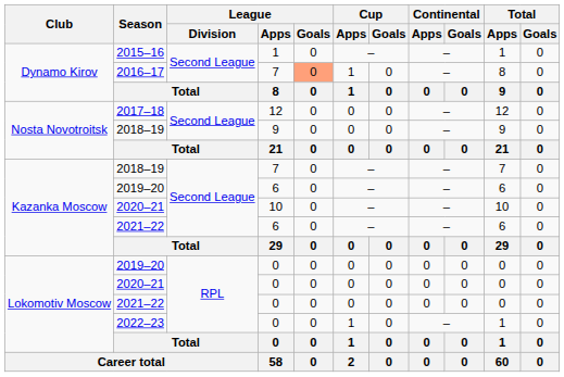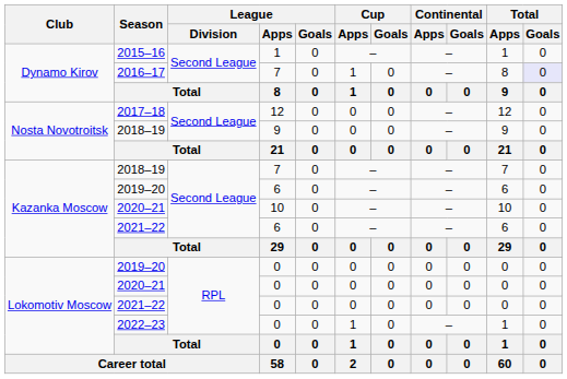 <table class="wikitable" style="text-align: center;">
 <tr>
 <th rowspan=2>Club</th>
 <th rowspan=2>Season</th>
 <th colspan=3>League</th>
 <th colspan=2>Cup</th>
 <th colspan=2>Continental</th>
 <th colspan=2>Total</th>
 </tr>
 <tr>
 <th>Division</th>
 <th>Apps</th>
 <th>Goals</th>
 <th>Apps</th>
 <th>Goals</th>
 <th>Apps</th>
 <th>Goals</th>
 <th>Apps</th>
 <th>Goals</th>
 </tr>
 <tr>
 <td rowspan="3"><a href='#'>Dynamo Kirov</a></td>
 <td><a href='#'>2015–16</a></td>
 <td rowspan="2"><a href='#'>Second League</a></td>
 <td>1</td>
 <td>0</td>
 <td colspan=2>–</td>
 <td colspan=2>–</td>
 <td>1</td>
 <td>0</td>
 </tr>
 <tr>
 <td><a href='#'>2016–17</a></td>
 <td>7</td>
-<td style="background: lightsalmon;">0</td>
+<td>0</td>
 <td>1</td>
 <td>0</td>
 <td colspan=2>–</td>
 <td>8</td>
-<td>0</td>
+<td style="background: lavender;">0</td>
 </tr>
 <tr>
 <th colspan=2>Total</th>
 <th>8</th>
 <th>0</th>
 <th>1</th>
 <th>0</th>
 <th>0</th>
 <th>0</th>
 <th>9</th>
 <th>0</th>
 </tr>
 <tr>
 <td rowspan="3"><a href='#'>Nosta Novotroitsk</a></td>
 <td><a href='#'>2017–18</a></td>
 <td rowspan="2"><a href='#'>Second League</a></td>
 <td>12</td>
 <td>0</td>
 <td>0</td>
 <td>0</td>
 <td colspan=2>–</td>
 <td>12</td>
 <td>0</td>
 </tr>
 <tr>
 <td>2018–19</td>
 <td>9</td>
 <td>0</td>
 <td>0</td>
 <td>0</td>
 <td colspan=2>–</td>
 <td>9</td>
 <td>0</td>
 </tr>
 <tr>
 <th colspan=2>Total</th>
 <th>21</th>
 <th>0</th>
 <th>0</th>
 <th>0</th>
 <th>0</th>
 <th>0</th>
 <th>21</th>
 <th>0</th>
 </tr>
 <tr>
 <td rowspan="5"><a href='#'>Kazanka Moscow</a></td>
 <td>2018–19</td>
 <td rowspan="4"><a href='#'>Second League</a></td>
 <td>7</td>
 <td>0</td>
 <td colspan=2>–</td>
 <td colspan=2>–</td>
 <td>7</td>
 <td>0</td>
 </tr>
 <tr>
 <td>2019–20</td>
 <td>6</td>
 <td>0</td>
 <td colspan=2>–</td>
 <td colspan=2>–</td>
 <td>6</td>
 <td>0</td>
 </tr>
 <tr>
 <td><a href='#'>2020–21</a></td>
 <td>10</td>
 <td>0</td>
 <td colspan=2>–</td>
 <td colspan=2>–</td>
 <td>10</td>
 <td>0</td>
 </tr>
 <tr>
 <td><a href='#'>2021–22</a></td>
 <td>6</td>
 <td>0</td>
 <td colspan=2>–</td>
 <td colspan=2>–</td>
 <td>6</td>
 <td>0</td>
 </tr>
 <tr>
 <th colspan=2>Total</th>
 <th>29</th>
 <th>0</th>
 <th>0</th>
 <th>0</th>
 <th>0</th>
 <th>0</th>
 <th>29</th>
 <th>0</th>
 </tr>
 <tr>
 <td rowspan="5"><a href='#'>Lokomotiv Moscow</a></td>
 <td><a href='#'>2019–20</a></td>
 <td rowspan="4"><a href='#'>RPL</a></td>
 <td>0</td>
 <td>0</td>
 <td>0</td>
 <td>0</td>
 <td>0</td>
 <td>0</td>
 <td>0</td>
 <td>0</td>
 </tr>
 <tr>
 <td><a href='#'>2020–21</a></td>
 <td>0</td>
 <td>0</td>
 <td>0</td>
 <td>0</td>
 <td>0</td>
 <td>0</td>
 <td>0</td>
 <td>0</td>
 </tr>
 <tr>
 <td><a href='#'>2021–22</a></td>
 <td>0</td>
 <td>0</td>
 <td>0</td>
 <td>0</td>
 <td>0</td>
 <td>0</td>
 <td>0</td>
 <td>0</td>
 </tr>
 <tr>
 <td><a href='#'>2022–23</a></td>
 <td>0</td>
 <td>0</td>
 <td>1</td>
 <td>0</td>
 <td colspan=2>–</td>
 <td>1</td>
 <td>0</td>
 </tr>
 <tr>
 <th colspan=2>Total</th>
 <th>0</th>
 <th>0</th>
 <th>1</th>
 <th>0</th>
 <th>0</th>
 <th>0</th>
 <th>1</th>
 <th>0</th>
 </tr>
 <tr>
 <th colspan=3>Career total</th>
 <th>58</th>
 <th>0</th>
 <th>2</th>
 <th>0</th>
 <th>0</th>
 <th>0</th>
 <th>60</th>
 <th>0</th>
 </tr>
 </table>
